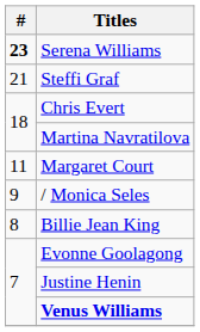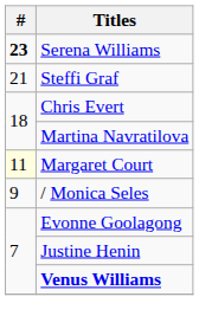 <table class="wikitable" style="display:inline-table;">
 <tr>
 <th width=20>#</th>
 <th>Titles</th>
 </tr>
 <tr>
 <td><strong>23</strong></td>
 <td> <a href='#'>Serena Williams</a></td>
 </tr>
 <tr>
 <td>21</td>
 <td> <a href='#'>Steffi Graf</a></td>
 </tr>
 <tr>
 <td rowspan=2>18</td>
 <td> <a href='#'>Chris Evert</a></td>
 </tr>
 <tr>
 <td> <a href='#'>Martina Navratilova</a></td>
 </tr>
 <tr>
-<td>11</td>
+<td style="background: lightyellow;">11</td>
 <td> <a href='#'>Margaret Court</a></td>
 </tr>
 <tr>
 <td>9</td>
 <td>/ <a href='#'>Monica Seles</a></td>
-</tr>
-<tr>
-<td>8</td>
-<td> <a href='#'>Billie Jean King</a></td>
 </tr>
 <tr>
 <td rowspan=3>7</td>
 <td> <a href='#'>Evonne Goolagong</a></td>
 </tr>
 <tr>
 <td> <a href='#'>Justine Henin</a></td>
 </tr>
 <tr>
 <td> <strong><a href='#'>Venus Williams</a></strong></td>
 </tr>
 <tr>
 </tr>
 </table>
